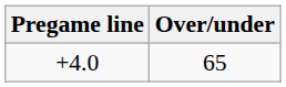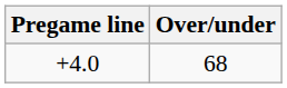 <table class="wikitable" style="margin-left: auto; margin-right: auto; border: none; display: inline-table;">
 <tr align="center">
 <th style=>Pregame line</th>
 <th style=>Over/under</th>
 </tr>
 <tr align="center">
 <td>+4.0</td>
-<td>65</td>
+<td>68</td>
 </tr>
 </table>
